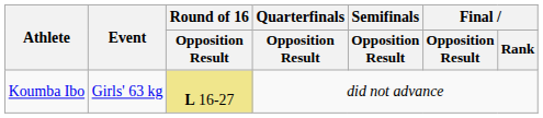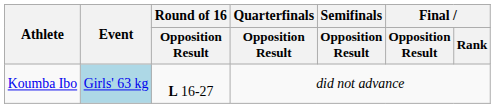 <table class="wikitable" style="font-size:90%;">
 <tr>
 <th rowspan=2>Athlete</th>
 <th rowspan=2>Event</th>
 <th>Round of 16</th>
 <th>Quarterfinals</th>
 <th>Semifinals</th>
 <th colspan=2>Final / </th>
 </tr>
 <tr style="font-size:95%">
 <th>Opposition<br>Result</th>
 <th>Opposition<br>Result</th>
 <th>Opposition<br>Result</th>
 <th>Opposition<br>Result</th>
 <th>Rank</th>
 </tr>
 <tr align=center>
 <td align=left><a href='#'>Koumba Ibo</a></td>
-<td align=left><a href='#'>Girls' 63 kg</a></td>
-<td style="background: khaki;"> <br> <strong>L</strong> 16-27</td>
+<td align=left style="background: lightblue;"><a href='#'>Girls' 63 kg</a></td>
+<td> <br> <strong>L</strong> 16-27</td>
 <td Colspan=4><em>did not advance</em></td>
 </tr>
 </table>
